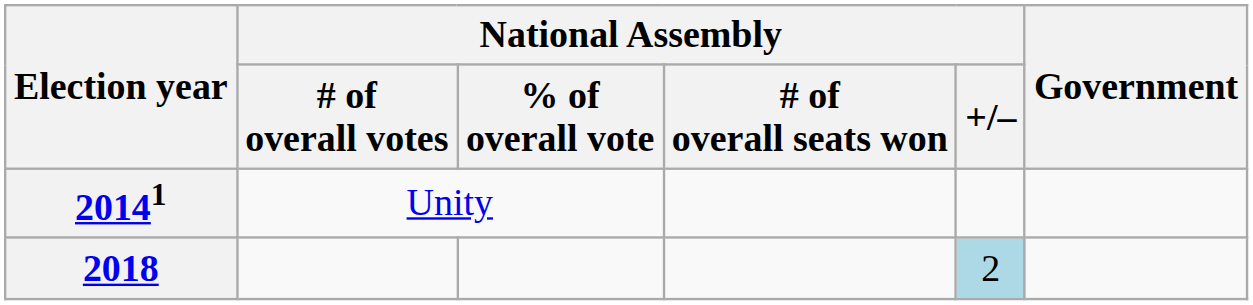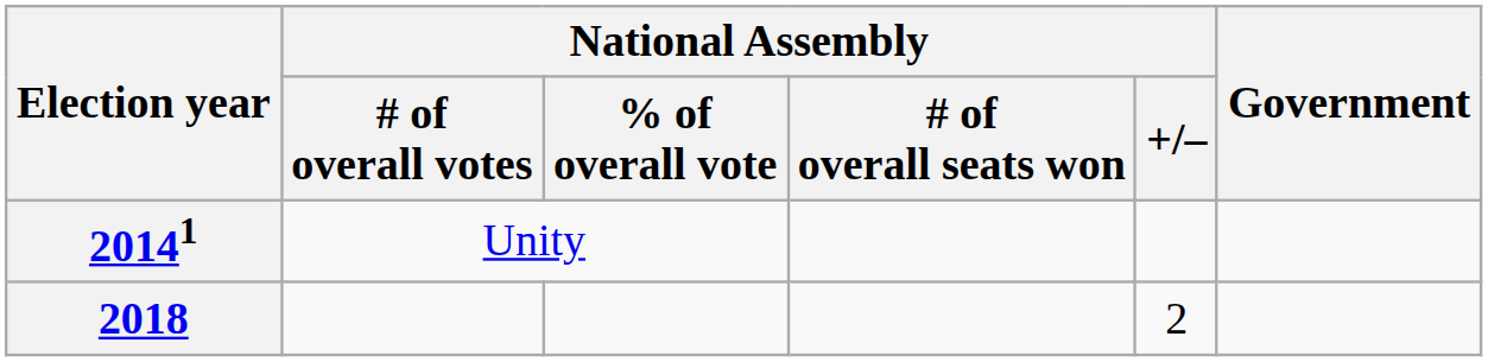 <table class="wikitable" style="text-align:center">
 <tr>
 <th rowspan=2>Election year</th>
 <th colspan=4>National Assembly</th>
 <th rowspan=2>Government</th>
 </tr>
 <tr>
 <th># of<br>overall votes</th>
 <th>% of<br>overall vote</th>
 <th># of<br>overall seats won</th>
 <th>+/–</th>
 </tr>
 <tr>
 <th><a href='#'>2014</a><sup>1</sup></th>
 <td colspan=2><a href='#'>Unity</a></td>
 <td></td>
 <td></td>
 <td></td>
 </tr>
 <tr>
 <th><a href='#'>2018</a></th>
 <td></td>
 <td></td>
 <td></td>
-<td style="background: lightblue;"> 2</td>
+<td> 2</td>
 <td></td>
 </tr>
 </table>
